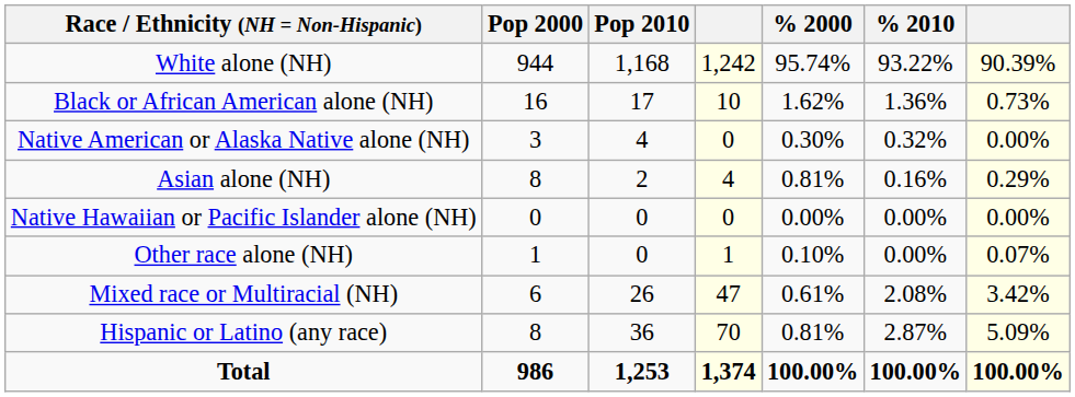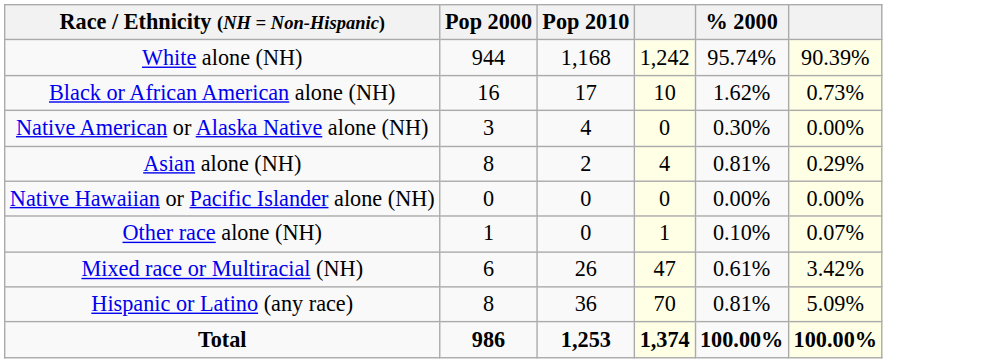 <table class="wikitable" style="text-align:center;">
 <tr>
 <th>Race / Ethnicity <small>(<em>NH = Non-Hispanic</em>)</small></th>
 <th>Pop 2000</th>
 <th>Pop 2010</th>
 <th></th>
 <th>% 2000</th>
-<th>% 2010</th>
 <th></th>
 </tr>
 <tr>
 <td><a href='#'>White</a> alone (NH)</td>
 <td>944</td>
 <td>1,168</td>
 <td style='background: #ffffe6;'>1,242</td>
 <td>95.74%</td>
-<td>93.22%</td>
 <td style='background: #ffffe6;'>90.39%</td>
 </tr>
 <tr>
 <td><a href='#'>Black or African American</a> alone (NH)</td>
 <td>16</td>
 <td>17</td>
 <td style='background: #ffffe6;'>10</td>
 <td>1.62%</td>
-<td>1.36%</td>
 <td style='background: #ffffe6;'>0.73%</td>
 </tr>
 <tr>
 <td><a href='#'>Native American</a> or <a href='#'>Alaska Native</a> alone (NH)</td>
 <td>3</td>
 <td>4</td>
 <td style='background: #ffffe6;'>0</td>
 <td>0.30%</td>
-<td>0.32%</td>
 <td style='background: #ffffe6;'>0.00%</td>
 </tr>
 <tr>
 <td><a href='#'>Asian</a> alone (NH)</td>
 <td>8</td>
 <td>2</td>
 <td style='background: #ffffe6;'>4</td>
 <td>0.81%</td>
-<td>0.16%</td>
 <td style='background: #ffffe6;'>0.29%</td>
 </tr>
 <tr>
 <td><a href='#'>Native Hawaiian</a> or <a href='#'>Pacific Islander</a> alone (NH)</td>
 <td>0</td>
 <td>0</td>
 <td style='background: #ffffe6;'>0</td>
-<td>0.00%</td>
 <td>0.00%</td>
 <td style='background: #ffffe6;'>0.00%</td>
 </tr>
 <tr>
 <td><a href='#'>Other race</a> alone (NH)</td>
 <td>1</td>
 <td>0</td>
 <td style='background: #ffffe6;'>1</td>
 <td>0.10%</td>
-<td>0.00%</td>
 <td style='background: #ffffe6;'>0.07%</td>
 </tr>
 <tr>
 <td><a href='#'>Mixed race or Multiracial</a> (NH)</td>
 <td>6</td>
 <td>26</td>
 <td style='background: #ffffe6;'>47</td>
 <td>0.61%</td>
-<td>2.08%</td>
 <td style='background: #ffffe6;'>3.42%</td>
 </tr>
 <tr>
 <td><a href='#'>Hispanic or Latino</a> (any race)</td>
 <td>8</td>
 <td>36</td>
 <td style='background: #ffffe6;'>70</td>
 <td>0.81%</td>
-<td>2.87%</td>
 <td style='background: #ffffe6;'>5.09%</td>
 </tr>
 <tr>
 <td><strong>Total</strong></td>
 <td><strong>986</strong></td>
 <td><strong>1,253</strong></td>
 <td style='background: #ffffe6;'><strong>1,374</strong></td>
 <td><strong>100.00%</strong></td>
-<td><strong>100.00%</strong></td>
 <td style='background: #ffffe6;'><strong>100.00%</strong></td>
 </tr>
 </table>
